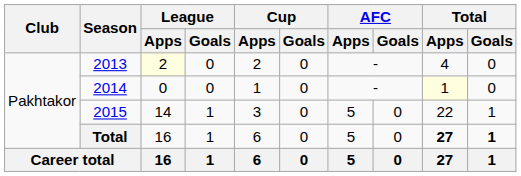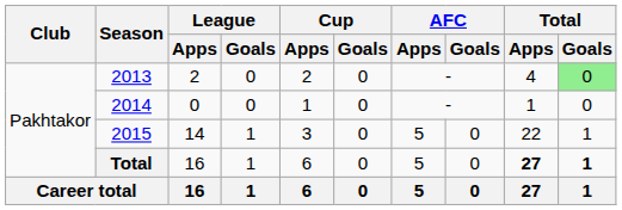 <table class="wikitable" style="font-size:90%; text-align:center;">
 <tr>
 <th rowspan="2">Club</th>
 <th rowspan="2">Season</th>
 <th colspan="2">League</th>
 <th colspan="2">Cup</th>
 <th colspan="2"><a href='#'>AFC</a></th>
 <th colspan="2">Total</th>
 </tr>
 <tr>
 <th>Apps</th>
 <th>Goals</th>
 <th>Apps</th>
 <th>Goals</th>
 <th>Apps</th>
 <th>Goals</th>
 <th>Apps</th>
 <th>Goals</th>
 </tr>
 <tr>
 <td rowspan="4">Pakhtakor</td>
 <td><a href='#'>2013</a></td>
-<td style="background: lightyellow;">2</td>
+<td>2</td>
 <td>0</td>
 <td>2</td>
 <td>0</td>
 <td colspan="2">-</td>
 <td>4</td>
-<td>0</td>
+<td style="background: lightgreen;">0</td>
 </tr>
 <tr>
 <td><a href='#'>2014</a></td>
 <td>0</td>
 <td>0</td>
 <td>1</td>
 <td>0</td>
 <td colspan="2">-</td>
-<td style="background: lightyellow;">1</td>
+<td>1</td>
 <td>0</td>
 </tr>
 <tr>
 <td><a href='#'>2015</a></td>
 <td>14</td>
 <td>1</td>
 <td>3</td>
 <td>0</td>
 <td>5</td>
 <td>0</td>
 <td>22</td>
 <td>1</td>
 </tr>
 <tr>
 <th>Total</th>
 <td>16</td>
 <td>1</td>
 <td>6</td>
 <td>0</td>
 <td>5</td>
 <td>0</td>
 <td><strong>27</strong></td>
 <td><strong>1</strong></td>
 </tr>
 <tr>
 <th colspan="2">Career total</th>
 <th>16</th>
 <th>1</th>
 <th>6</th>
 <th>0</th>
 <th>5</th>
 <th>0</th>
 <th><strong>27</strong></th>
 <th><strong>1</strong></th>
 </tr>
 </table>
